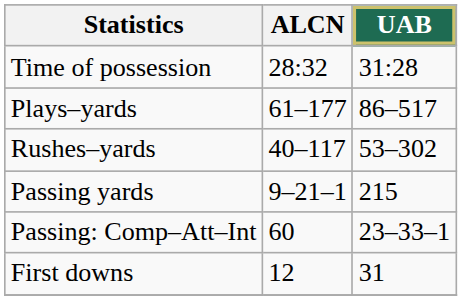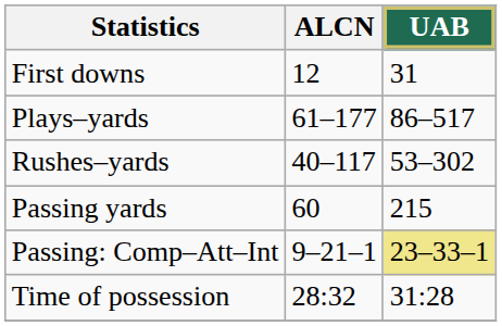 <table class="wikitable" style="float: left;">
 <tr>
 <th>Statistics</th>
 <th>ALCN</th>
 <th style="background-color:#1E6B52;color:#FFFFFF;box-shadow: inset 2px 2px 0 #CDC26C, inset -2px -2px 0 #CDC26C">UAB</th>
 </tr>
 <tr>
-<td>Time of possession</td>
-<td>28:32</td>
-<td>31:28</td>
+<td>First downs</td>
+<td>12</td>
+<td>31</td>
 </tr>
 <tr>
 <td>Plays–yards</td>
 <td>61–177</td>
 <td>86–517</td>
 </tr>
 <tr>
 <td>Rushes–yards</td>
 <td>40–117</td>
 <td>53–302</td>
 </tr>
 <tr>
 <td>Passing yards</td>
-<td>9–21–1</td>
+<td>60</td>
 <td>215</td>
 </tr>
 <tr>
 <td>Passing: Comp–Att–Int</td>
-<td>60</td>
-<td>23–33–1</td>
+<td>9–21–1</td>
+<td style="background: khaki;">23–33–1</td>
 </tr>
 <tr>
-<td>First downs</td>
-<td>12</td>
-<td>31</td>
+<td>Time of possession</td>
+<td>28:32</td>
+<td>31:28</td>
 </tr>
 <tr>
 </tr>
 </table>
